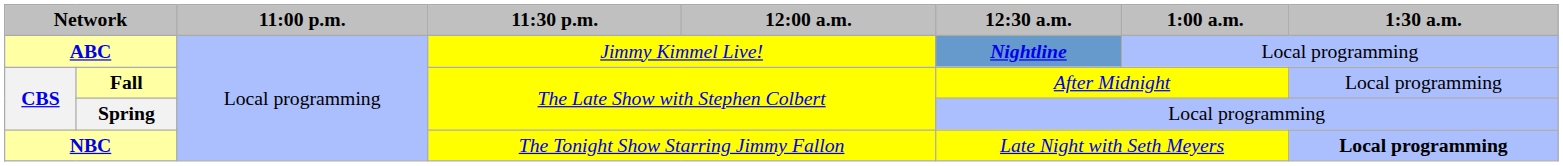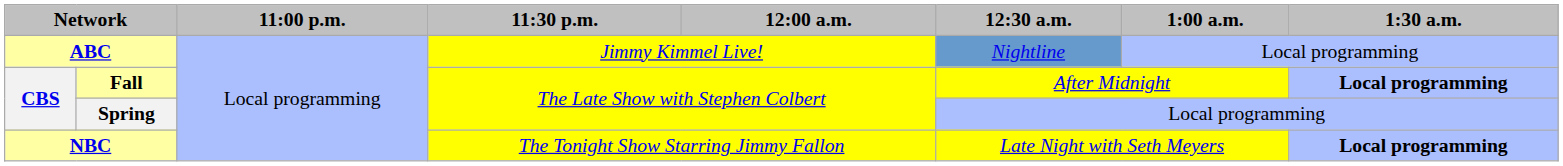 <table class="wikitable" style="width:100%;margin-right:0;text-align:center">
 <tr>
 <th colspan="2" style="background-color:#C0C0C0;text-align:center">Network</th>
 <th style="background-color:#C0C0C0;text-align:center">11:00 p.m.</th>
 <th style="background-color:#C0C0C0;text-align:center">11:30 p.m.</th>
 <th style="background-color:#C0C0C0;text-align:center">12:00 a.m.</th>
 <th style="background-color:#C0C0C0;text-align:center">12:30 a.m.</th>
 <th style="background-color:#C0C0C0;text-align:center">1:00 a.m.</th>
 <th style="background-color:#C0C0C0;text-align:center">1:30 a.m.</th>
 </tr>
 <tr>
 <th colspan="2" style="background:#FFFFA3;"><a href='#'>ABC</a></th>
 <td rowspan="4" style="background:#abbfff">Local programming</td>
 <td colspan="2" style="background:yellow"><em><a href='#'>Jimmy Kimmel Live!</a></em> </td>
-<td style="background: #6699CC"><strong><em><a href='#'>Nightline</a></em> </strong></td>
+<td style="background: #6699CC"><em><a href='#'>Nightline</a></em> </td>
 <td colspan="2" style="background:#abbfff">Local programming </td>
 </tr>
 <tr>
 <th rowspan="2"><a href='#'>CBS</a></th>
 <th style="background:#FFFFA3;">Fall</th>
 <td colspan="2" rowspan="2" style="background:yellow"><em><a href='#'>The Late Show with Stephen Colbert</a></em> </td>
 <td colspan="2" style="background:yellow"><em><a href='#'>After Midnight</a></em> </td>
-<td style="background:#abbfff">Local programming </td>
+<td style="background:#abbfff"><strong>Local programming </strong></td>
 </tr>
 <tr>
 <th>Spring</th>
 <td colspan="3" style="background:#abbfff">Local programming </td>
 </tr>
 <tr>
 <th colspan="2" style="background:#FFFFA3;"><a href='#'>NBC</a></th>
 <td colspan="2" style="background:yellow"><em><a href='#'>The Tonight Show Starring Jimmy Fallon</a></em> </td>
 <td colspan="2" style="background:yellow"><em><a href='#'>Late Night with Seth Meyers</a></em> </td>
 <td style="background:#abbfff"><strong>Local programming </strong></td>
 </tr>
 </table>
